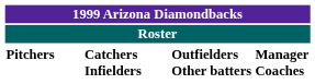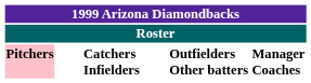 <table class="toccolours" style="font-size: 95%;">
 <tr>
 <th colspan="10" style="background-color: #522398; color: #FFFFFF; text-align: center;">1999 Arizona Diamondbacks</th>
 </tr>
 <tr>
 <td colspan="10" style="background-color: #006265; color: #FFFFFF; text-align: center;"><strong>Roster</strong></td>
 </tr>
 <tr>
-<td valign="top"><strong>Pitchers</strong><br>                   </td>
+<td valign="top" style="background: pink;"><strong>Pitchers</strong><br>                   </td>
 <td width="25px"></td>
 <td valign="top"><strong>Catchers</strong><br>   <strong>Infielders</strong>          </td>
 <td width="25px"></td>
 <td valign="top"><strong>Outfielders</strong><br>         <strong>Other batters</strong> </td>
 <td valign="top"><strong>Manager</strong><br> <strong>Coaches</strong>      </td>
 </tr>
 <tr>
 </tr>
 </table>
